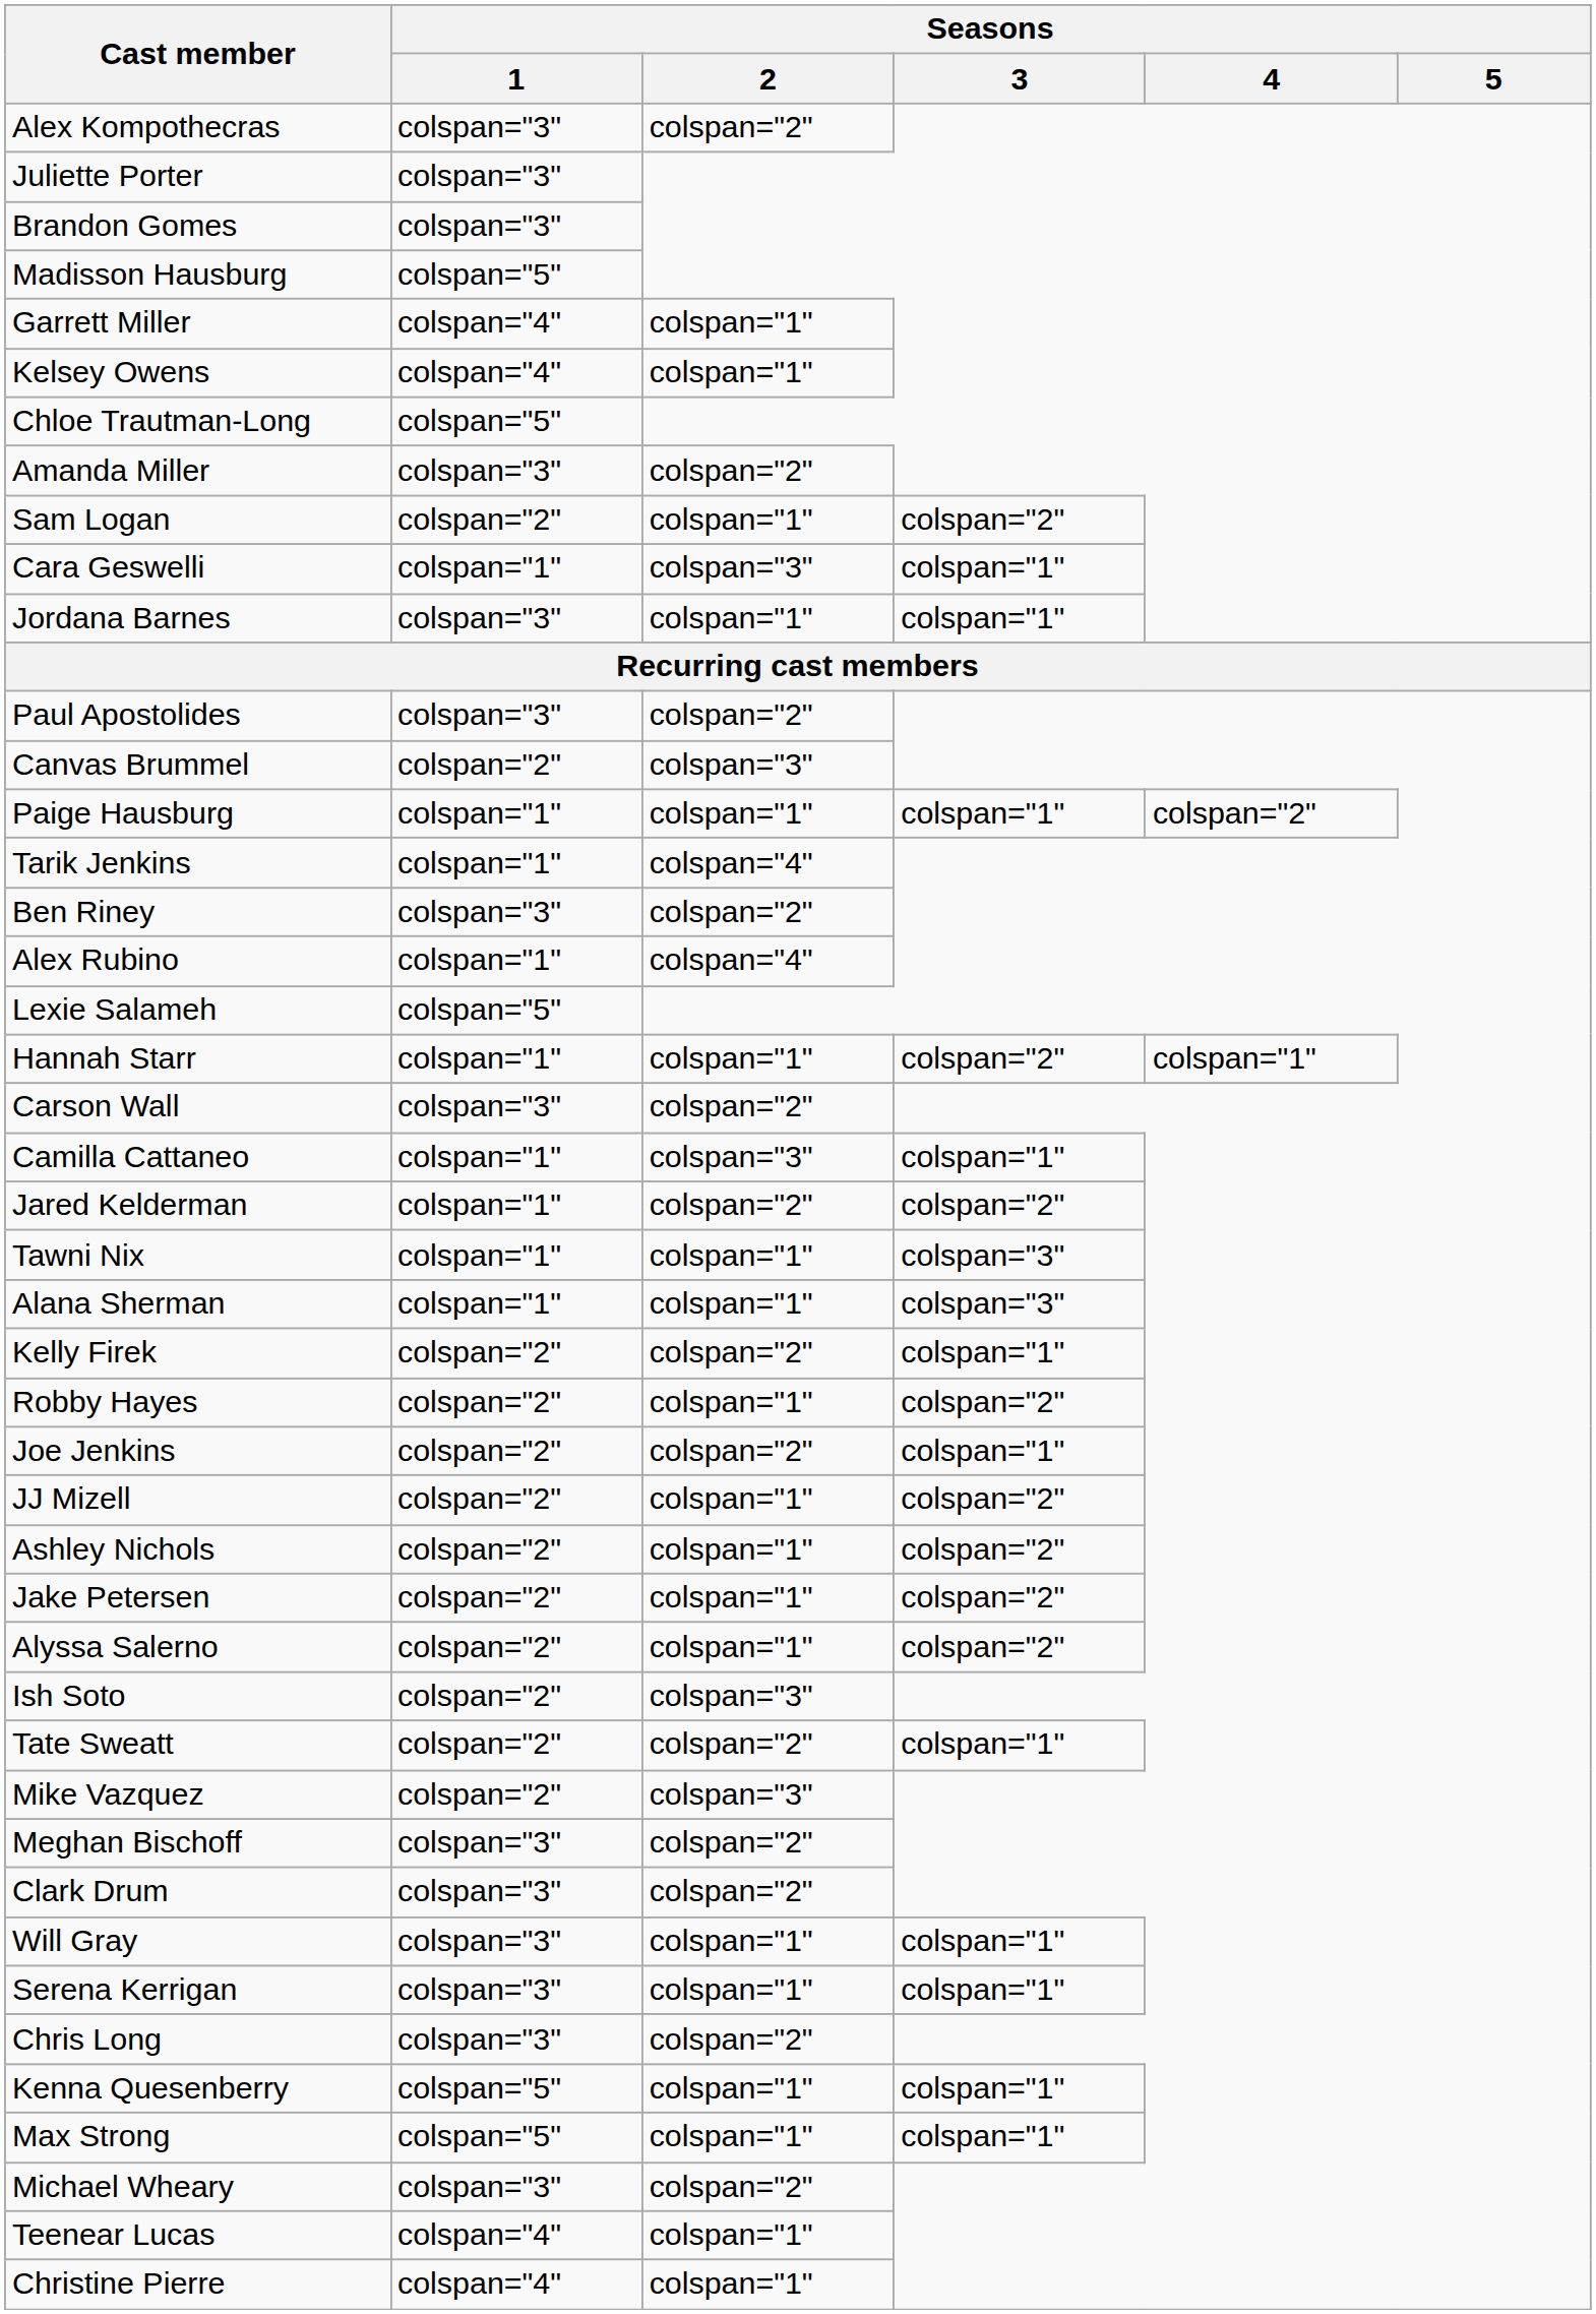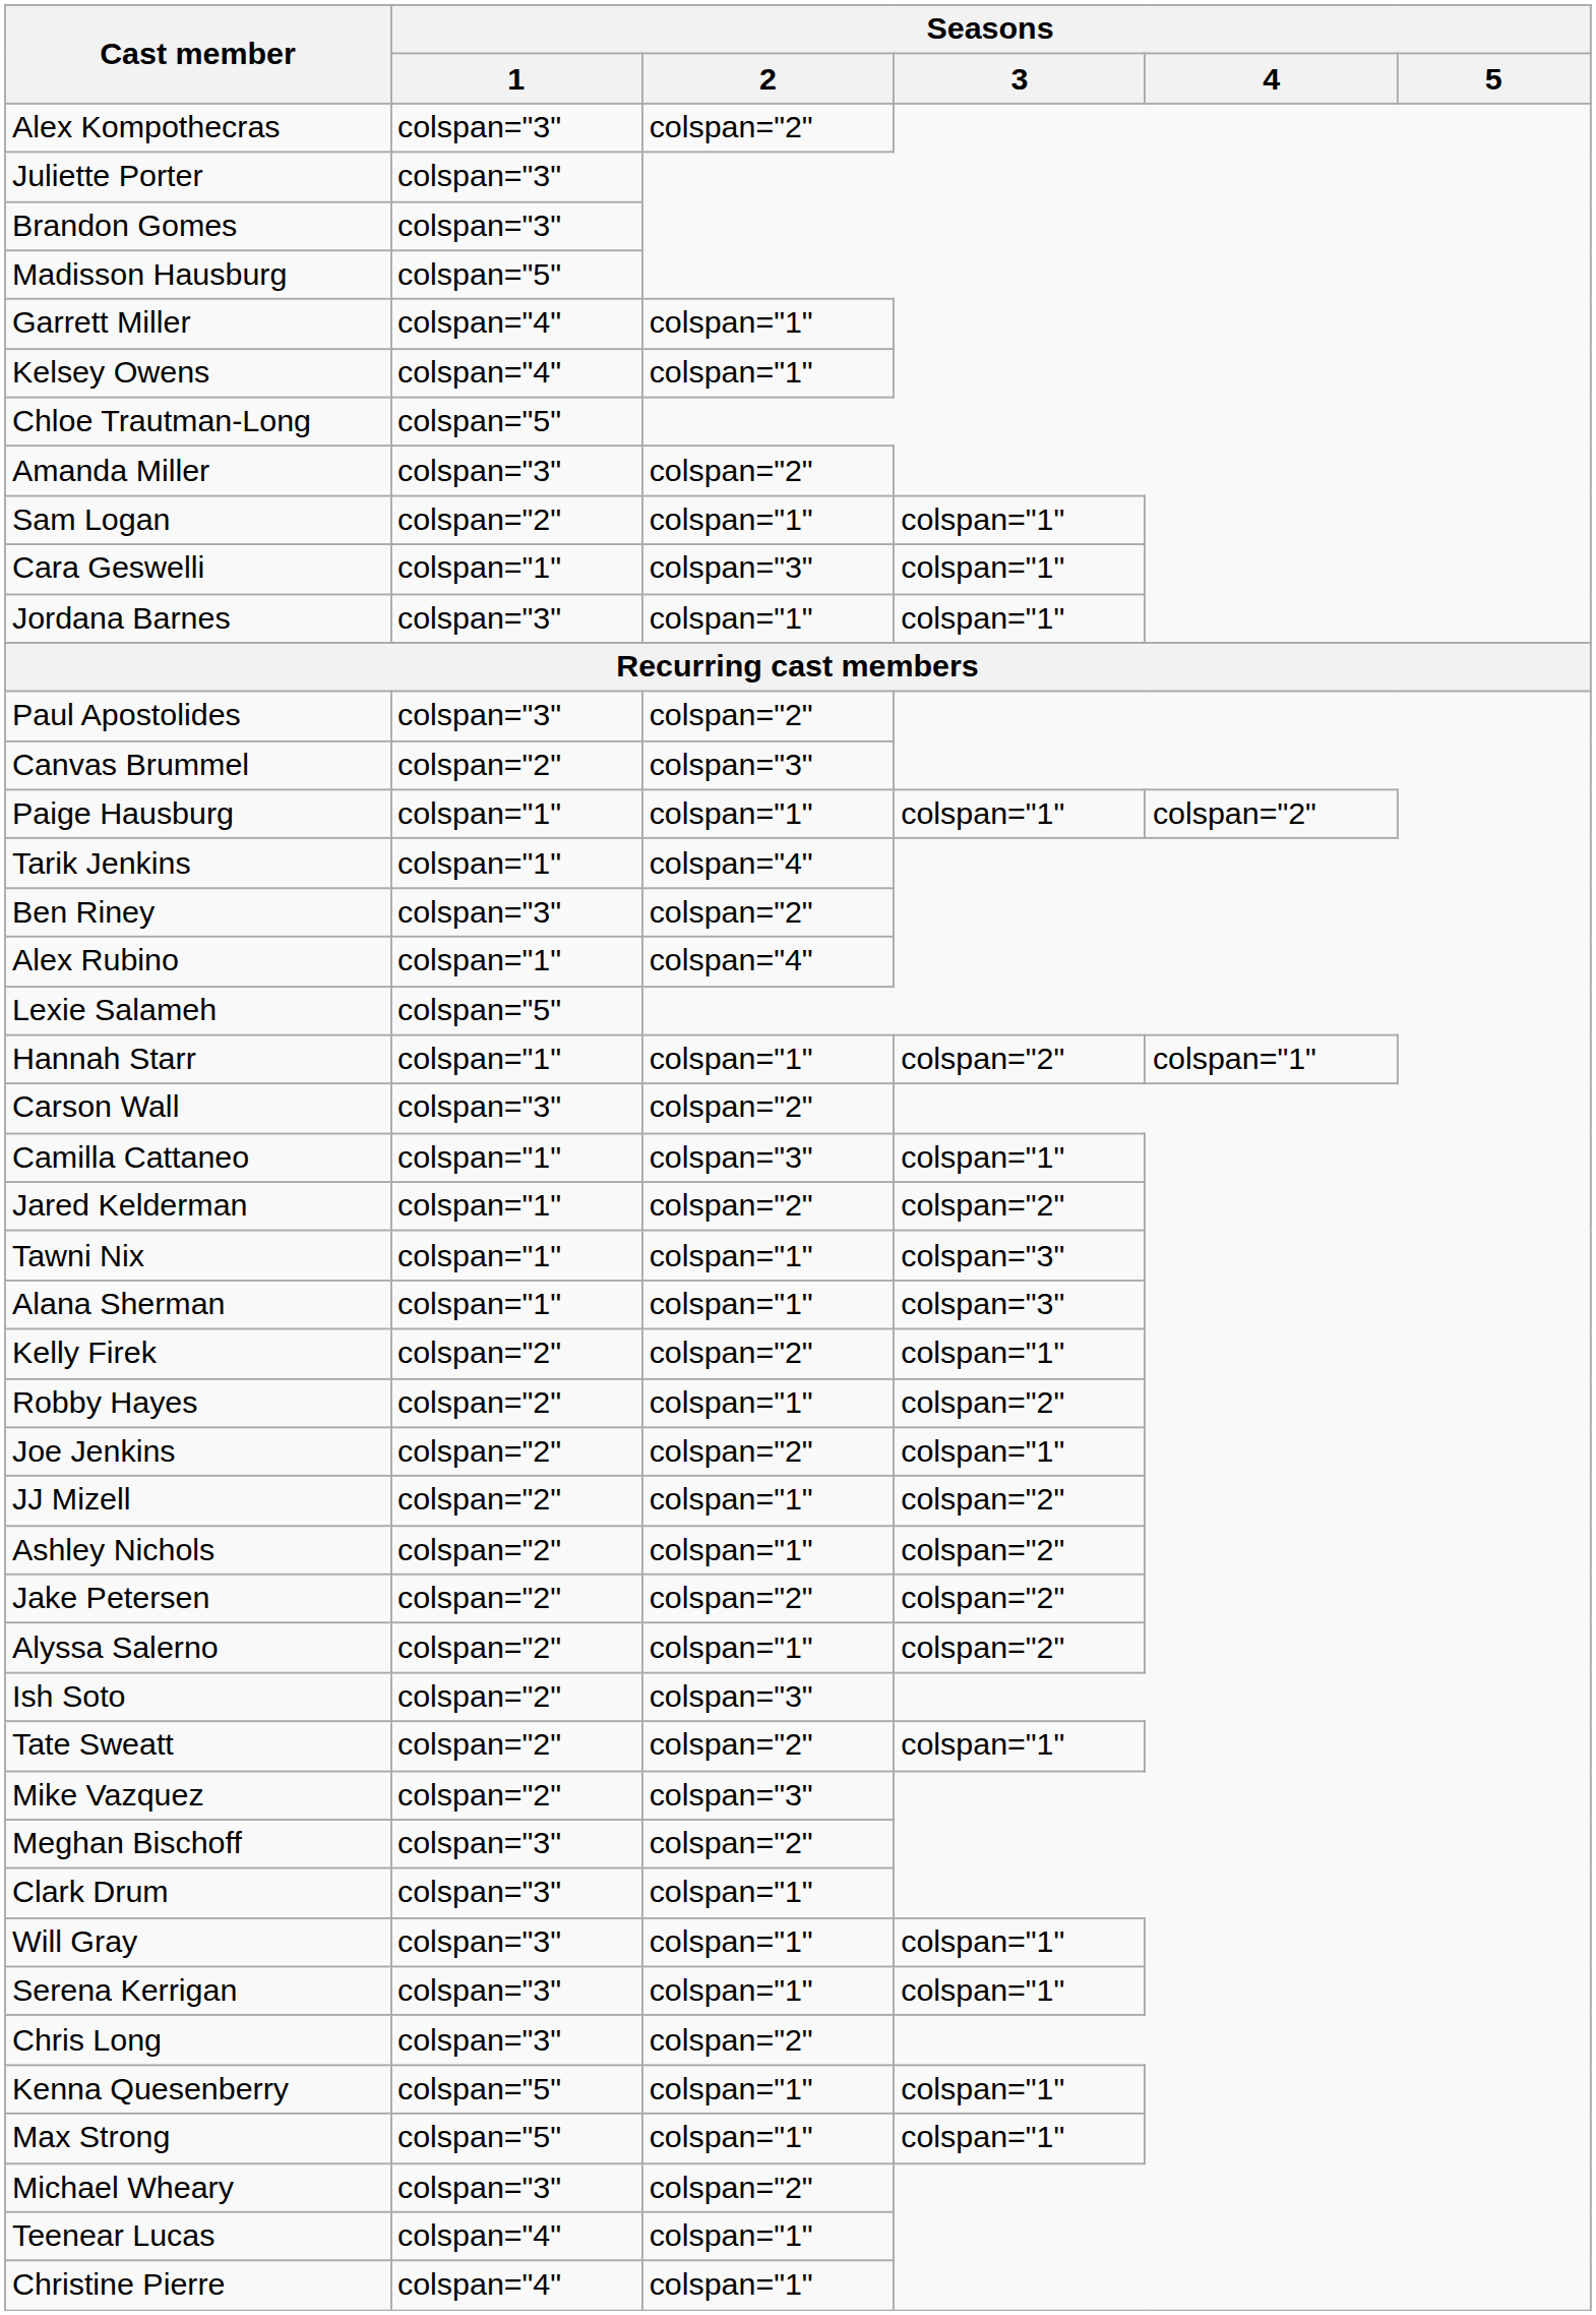 <table class="wikitable plainrowheaders" width="65%">
 <tr>
 <th scope="col" rowspan="2" style="width:15%;">Cast member</th>
 <th scope="col" colspan="5">Seasons</th>
 </tr>
 <tr>
 <th scope="col" style="width:7.5%;">1</th>
 <th scope="col" style="width:7.5%;">2</th>
 <th scope="col" style="width:7.5%;">3</th>
 <th scope="col" style="width:7.5%;">4</th>
 <th scope="col" style="width:7.5%;">5</th>
 </tr>
 <tr>
 <td>Alex Kompothecras</td>
 <td>colspan="3" </td>
 <td>colspan="2" </td>
 </tr>
 <tr>
 <td>Juliette Porter</td>
 <td>colspan="3" </td>
 </tr>
 <tr>
 <td>Brandon Gomes</td>
 <td>colspan="3" </td>
 </tr>
 <tr>
 <td>Madisson Hausburg</td>
 <td>colspan="5" </td>
 </tr>
 <tr>
 <td>Garrett Miller</td>
 <td>colspan="4" </td>
 <td>colspan="1" </td>
 </tr>
 <tr>
 <td>Kelsey Owens</td>
 <td>colspan="4" </td>
 <td>colspan="1" </td>
 </tr>
 <tr>
 <td>Chloe Trautman-Long</td>
 <td>colspan="5" </td>
 </tr>
 <tr>
 <td>Amanda Miller</td>
 <td>colspan="3" </td>
 <td>colspan="2" </td>
 </tr>
 <tr>
 <td>Sam Logan</td>
 <td>colspan="2" </td>
 <td>colspan="1" </td>
-<td>colspan="2" </td>
+<td>colspan="1" </td>
 </tr>
 <tr>
 <td>Cara Geswelli</td>
 <td>colspan="1" </td>
 <td>colspan="3" </td>
 <td>colspan="1" </td>
 </tr>
 <tr>
 <td>Jordana Barnes</td>
 <td>colspan="3" </td>
 <td>colspan="1" </td>
 <td>colspan="1" </td>
 </tr>
 <tr>
 <th Colspan="6">Recurring cast members</th>
 </tr>
 <tr>
 <td>Paul Apostolides</td>
 <td>colspan="3" </td>
 <td>colspan="2" </td>
 </tr>
 <tr>
 <td>Canvas Brummel</td>
 <td>colspan="2" </td>
 <td>colspan="3" </td>
 </tr>
 <tr>
 <td>Paige Hausburg</td>
 <td>colspan="1" </td>
 <td>colspan="1" </td>
 <td>colspan="1" </td>
 <td>colspan="2" </td>
 </tr>
 <tr>
 <td>Tarik Jenkins</td>
 <td>colspan="1" </td>
 <td>colspan="4" </td>
 </tr>
 <tr>
 <td>Ben Riney</td>
 <td>colspan="3" </td>
 <td>colspan="2" </td>
 </tr>
 <tr>
 <td>Alex Rubino</td>
 <td>colspan="1" </td>
 <td>colspan="4" </td>
 </tr>
 <tr>
 <td>Lexie Salameh</td>
 <td>colspan="5" </td>
 </tr>
 <tr>
 <td>Hannah Starr</td>
 <td>colspan="1" </td>
 <td>colspan="1" </td>
 <td>colspan="2" </td>
 <td>colspan="1" </td>
 </tr>
 <tr>
 <td>Carson Wall</td>
 <td>colspan="3" </td>
 <td>colspan="2" </td>
 </tr>
 <tr>
 <td>Camilla Cattaneo</td>
 <td>colspan="1" </td>
 <td>colspan="3" </td>
 <td>colspan="1" </td>
 </tr>
 <tr>
 <td>Jared Kelderman</td>
 <td>colspan="1" </td>
 <td>colspan="2" </td>
 <td>colspan="2" </td>
 </tr>
 <tr>
 <td>Tawni Nix</td>
 <td>colspan="1" </td>
 <td>colspan="1" </td>
 <td>colspan="3" </td>
 </tr>
 <tr>
 <td>Alana Sherman</td>
 <td>colspan="1" </td>
 <td>colspan="1" </td>
 <td>colspan="3" </td>
 </tr>
 <tr>
 <td>Kelly Firek</td>
 <td>colspan="2" </td>
 <td>colspan="2" </td>
 <td>colspan="1" </td>
 </tr>
 <tr>
 <td>Robby Hayes</td>
 <td>colspan="2" </td>
 <td>colspan="1" </td>
 <td>colspan="2" </td>
 </tr>
 <tr>
 <td>Joe Jenkins</td>
 <td>colspan="2" </td>
 <td>colspan="2" </td>
 <td>colspan="1" </td>
 </tr>
 <tr>
 <td>JJ Mizell</td>
 <td>colspan="2" </td>
 <td>colspan="1" </td>
 <td>colspan="2" </td>
 </tr>
 <tr>
 <td>Ashley Nichols</td>
 <td>colspan="2" </td>
 <td>colspan="1" </td>
 <td>colspan="2" </td>
 </tr>
 <tr>
 <td>Jake Petersen</td>
 <td>colspan="2" </td>
-<td>colspan="1" </td>
+<td>colspan="2" </td>
 <td>colspan="2" </td>
 </tr>
 <tr>
 <td>Alyssa Salerno</td>
 <td>colspan="2" </td>
 <td>colspan="1" </td>
 <td>colspan="2" </td>
 </tr>
 <tr>
 <td>Ish Soto</td>
 <td>colspan="2" </td>
 <td>colspan="3" </td>
 </tr>
 <tr>
 <td>Tate Sweatt</td>
 <td>colspan="2" </td>
 <td>colspan="2" </td>
 <td>colspan="1" </td>
 </tr>
 <tr>
 <td>Mike Vazquez</td>
 <td>colspan="2" </td>
 <td>colspan="3" </td>
 </tr>
 <tr>
 <td>Meghan Bischoff</td>
 <td>colspan="3" </td>
 <td>colspan="2" </td>
 </tr>
 <tr>
 <td>Clark Drum</td>
 <td>colspan="3" </td>
-<td>colspan="2" </td>
+<td>colspan="1" </td>
 </tr>
 <tr>
 <td>Will Gray</td>
 <td>colspan="3" </td>
 <td>colspan="1" </td>
 <td>colspan="1" </td>
 </tr>
 <tr>
 <td>Serena Kerrigan</td>
 <td>colspan="3" </td>
 <td>colspan="1" </td>
 <td>colspan="1" </td>
 </tr>
 <tr>
 <td>Chris Long</td>
 <td>colspan="3" </td>
 <td>colspan="2" </td>
 </tr>
 <tr>
 <td>Kenna Quesenberry</td>
 <td>colspan="5" </td>
 <td>colspan="1" </td>
 <td>colspan="1" </td>
 </tr>
 <tr>
 <td>Max Strong</td>
 <td>colspan="5" </td>
 <td>colspan="1" </td>
 <td>colspan="1" </td>
 </tr>
 <tr>
 <td>Michael Wheary</td>
 <td>colspan="3" </td>
 <td>colspan="2" </td>
 </tr>
 <tr>
 <td>Teenear Lucas</td>
 <td>colspan="4" </td>
 <td>colspan="1" </td>
 </tr>
 <tr>
 <td>Christine Pierre</td>
 <td>colspan="4" </td>
 <td>colspan="1" </td>
 </tr>
 </table>
